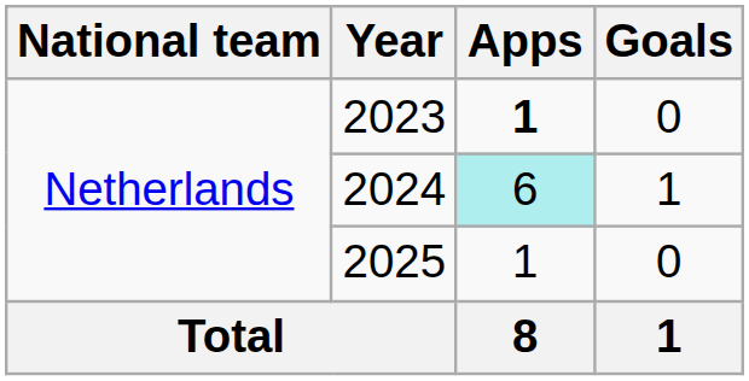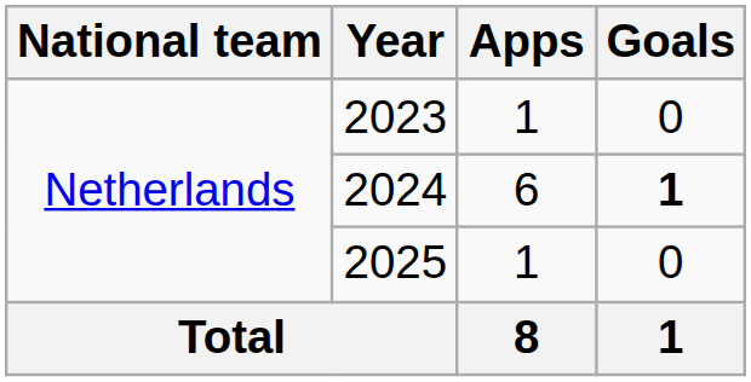 <table class="wikitable" style="text-align:center">
 <tr>
 <th>National team</th>
 <th>Year</th>
 <th>Apps</th>
 <th>Goals</th>
 </tr>
 <tr>
 <td rowspan="3"><a href='#'>Netherlands</a></td>
 <td>2023</td>
-<td><strong>1</strong></td>
+<td>1</td>
 <td>0</td>
 </tr>
 <tr>
 <td>2024</td>
-<td style="background: paleturquoise;">6</td>
-<td>1</td>
+<td>6</td>
+<td><strong>1</strong></td>
 </tr>
 <tr>
 <td>2025</td>
 <td>1</td>
 <td>0</td>
 </tr>
 <tr>
 <th colspan="2">Total</th>
 <th>8</th>
 <th>1</th>
 </tr>
 </table>
